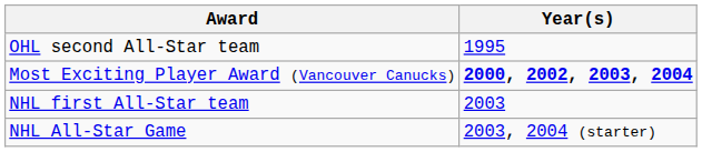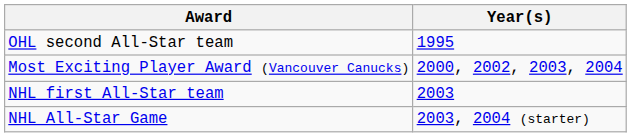 <table class="wikitable">
 <tr>
 <th>Award</th>
 <th>Year(s)</th>
 </tr>
 <tr>
 <td><a href='#'>OHL</a> second All-Star team</td>
 <td><a href='#'>1995</a></td>
 </tr>
 <tr>
 <td><a href='#'>Most Exciting Player Award</a> <small>(<a href='#'>Vancouver Canucks</a>)</small></td>
-<td><strong><a href='#'>2000</a>, <a href='#'>2002</a>, <a href='#'>2003</a>, <a href='#'>2004</a></strong></td>
+<td><a href='#'>2000</a>, <a href='#'>2002</a>, <a href='#'>2003</a>, <a href='#'>2004</a></td>
 </tr>
 <tr>
 <td><a href='#'>NHL first All-Star team</a></td>
 <td><a href='#'>2003</a></td>
 </tr>
 <tr>
 <td><a href='#'>NHL All-Star Game</a></td>
 <td><a href='#'>2003</a>, <a href='#'>2004</a> <small>(starter)</small></td>
 </tr>
 </table>
